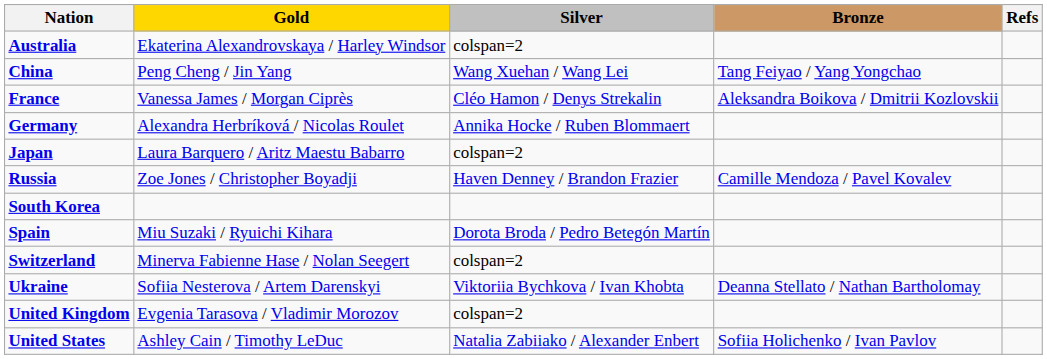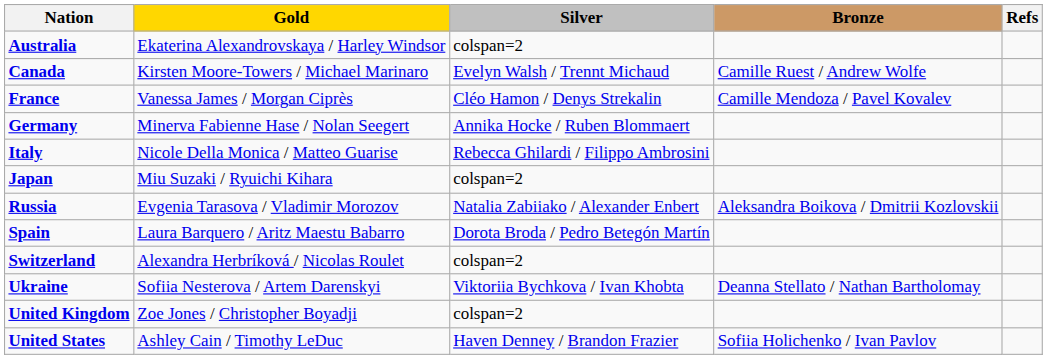 <table class="wikitable">
 <tr>
 <th>Nation</th>
 <td style="text-align:center; background:gold;"><strong>Gold</strong></td>
 <td style="text-align:center; background:silver;"><strong>Silver</strong></td>
 <td style="text-align:center; background:#c96;"><strong>Bronze</strong></td>
 <th>Refs</th>
 </tr>
 <tr>
 <td><strong><a href='#'>Australia</a></strong></td>
 <td><a href='#'>Ekaterina Alexandrovskaya</a> / <a href='#'>Harley Windsor</a></td>
 <td>colspan=2 </td>
 <td></td>
 </tr>
 <tr>
-<td><strong><a href='#'>China</a></strong></td>
-<td><a href='#'>Peng Cheng</a> / <a href='#'>Jin Yang</a></td>
-<td><a href='#'>Wang Xuehan</a> / <a href='#'>Wang Lei</a></td>
-<td><a href='#'>Tang Feiyao</a> / <a href='#'>Yang Yongchao</a></td>
+<td><strong><a href='#'>Canada</a></strong></td>
+<td><a href='#'>Kirsten Moore-Towers</a> / <a href='#'>Michael Marinaro</a></td>
+<td><a href='#'>Evelyn Walsh</a> / <a href='#'>Trennt Michaud</a></td>
+<td><a href='#'>Camille Ruest</a> / <a href='#'>Andrew Wolfe</a></td>
 <td></td>
 </tr>
 <tr>
 <td><strong><a href='#'>France</a></strong></td>
 <td><a href='#'>Vanessa James</a> / <a href='#'>Morgan Ciprès</a></td>
 <td><a href='#'>Cléo Hamon</a> / <a href='#'>Denys Strekalin</a></td>
-<td><a href='#'>Aleksandra Boikova</a> / <a href='#'>Dmitrii Kozlovskii</a></td>
+<td><a href='#'>Camille Mendoza</a> / <a href='#'>Pavel Kovalev</a></td>
 <td></td>
 </tr>
 <tr>
 <td><strong><a href='#'>Germany</a></strong></td>
-<td><a href='#'>Alexandra Herbríková </a> / <a href='#'>Nicolas Roulet</a></td>
+<td><a href='#'>Minerva Fabienne Hase</a> / <a href='#'>Nolan Seegert</a></td>
 <td><a href='#'>Annika Hocke</a> / <a href='#'>Ruben Blommaert</a></td>
 <td></td>
 <td></td>
 </tr>
 <tr>
+<td><strong><a href='#'>Italy</a></strong></td>
+<td><a href='#'>Nicole Della Monica</a> / <a href='#'>Matteo Guarise</a></td>
+<td><a href='#'>Rebecca Ghilardi</a> / <a href='#'>Filippo Ambrosini</a></td>
+<td></td>
+<td></td>
+</tr>
+<tr>
 <td><strong><a href='#'>Japan</a></strong></td>
-<td><a href='#'>Laura Barquero</a> / <a href='#'>Aritz Maestu Babarro</a></td>
+<td><a href='#'>Miu Suzaki</a> / <a href='#'>Ryuichi Kihara</a></td>
 <td>colspan=2 </td>
 <td></td>
 </tr>
 <tr>
 <td><strong><a href='#'>Russia</a></strong></td>
-<td><a href='#'>Zoe Jones</a> / <a href='#'>Christopher Boyadji</a></td>
-<td><a href='#'>Haven Denney</a> / <a href='#'>Brandon Frazier</a></td>
-<td><a href='#'>Camille Mendoza</a> / <a href='#'>Pavel Kovalev</a></td>
-<td></td>
-</tr>
-<tr>
-<td><strong><a href='#'>South Korea</a></strong></td>
-<td></td>
-<td></td>
-<td></td>
+<td><a href='#'>Evgenia Tarasova</a> / <a href='#'>Vladimir Morozov</a></td>
+<td><a href='#'>Natalia Zabiiako</a> / <a href='#'>Alexander Enbert</a></td>
+<td><a href='#'>Aleksandra Boikova</a> / <a href='#'>Dmitrii Kozlovskii</a></td>
 <td></td>
 </tr>
 <tr>
 <td><strong><a href='#'>Spain</a></strong></td>
-<td><a href='#'>Miu Suzaki</a> / <a href='#'>Ryuichi Kihara</a></td>
+<td><a href='#'>Laura Barquero</a> / <a href='#'>Aritz Maestu Babarro</a></td>
 <td><a href='#'>Dorota Broda</a> / <a href='#'>Pedro Betegón Martín</a></td>
 <td></td>
 <td></td>
 </tr>
 <tr>
 <td><strong><a href='#'>Switzerland</a></strong></td>
-<td><a href='#'>Minerva Fabienne Hase</a> / <a href='#'>Nolan Seegert</a></td>
+<td><a href='#'>Alexandra Herbríková </a> / <a href='#'>Nicolas Roulet</a></td>
 <td>colspan=2 </td>
 <td></td>
 </tr>
 <tr>
 <td><strong><a href='#'>Ukraine</a></strong></td>
 <td><a href='#'>Sofiia Nesterova</a> / <a href='#'>Artem Darenskyi</a></td>
 <td><a href='#'>Viktoriia Bychkova</a> / <a href='#'>Ivan Khobta</a></td>
 <td><a href='#'>Deanna Stellato</a> / <a href='#'>Nathan Bartholomay</a></td>
 <td></td>
 </tr>
 <tr>
 <td><strong><a href='#'>United Kingdom</a></strong></td>
-<td><a href='#'>Evgenia Tarasova</a> / <a href='#'>Vladimir Morozov</a></td>
+<td><a href='#'>Zoe Jones</a> / <a href='#'>Christopher Boyadji</a></td>
 <td>colspan=2 </td>
 <td></td>
 </tr>
 <tr>
 <td><strong><a href='#'>United States</a></strong></td>
 <td><a href='#'>Ashley Cain</a> / <a href='#'>Timothy LeDuc</a></td>
-<td><a href='#'>Natalia Zabiiako</a> / <a href='#'>Alexander Enbert</a></td>
+<td><a href='#'>Haven Denney</a> / <a href='#'>Brandon Frazier</a></td>
 <td><a href='#'>Sofiia Holichenko</a> / <a href='#'>Ivan Pavlov</a></td>
 <td></td>
 </tr>
 </table>
